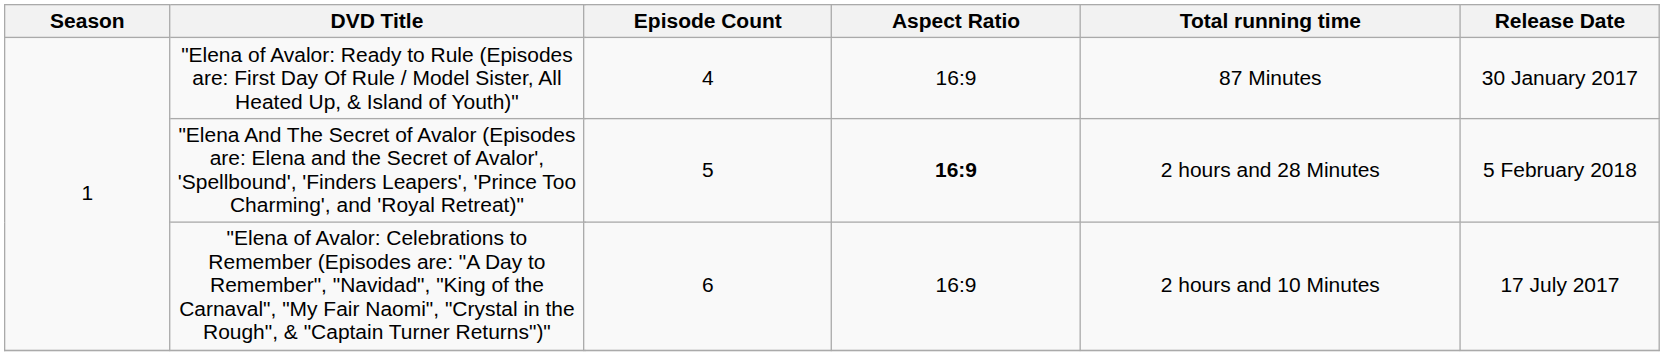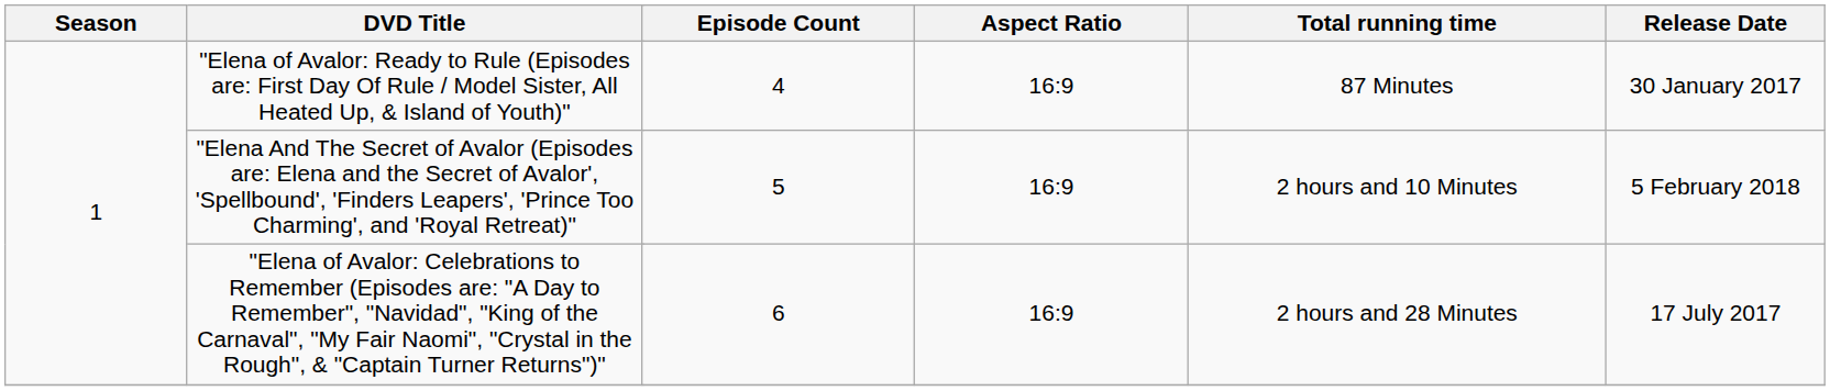 <table class="wikitable" width="100%" style="vertical-align:top;">
 <tr>
 <th width="10%">Season</th>
 <th colspan="2" width="25%">DVD Title</th>
 <th width="15%">Episode Count</th>
 <th width="15%">Aspect Ratio</th>
 <th width="23%">Total running time</th>
 <th width="12%">Release Date</th>
 </tr>
 <tr>
 <td rowspan="3" align="center">1</td>
 <td colspan="2" align="center">"Elena of Avalor: Ready to Rule (Episodes are: First Day Of Rule / Model Sister, All Heated Up, & Island of Youth)"</td>
 <td rowspan="1" align="center">4</td>
 <td rowspan="1" align="center">16:9</td>
 <td align="center">87 Minutes</td>
 <td align="center">30 January 2017</td>
 </tr>
 <tr>
 <td colspan="2" align="center">"Elena And The Secret of Avalor (Episodes are: Elena and the Secret of Avalor', 'Spellbound', 'Finders Leapers', 'Prince Too Charming', and 'Royal Retreat)"</td>
 <td rowspan="1" align="center">5</td>
-<td rowspan="1" align="center"><strong>16:9</strong></td>
-<td align="center">2 hours and 28 Minutes</td>
+<td rowspan="1" align="center">16:9</td>
+<td align="center">2 hours and 10 Minutes</td>
 <td align="center">5 February 2018</td>
 </tr>
 <tr>
 <td colspan="2" align="center">"Elena of Avalor: Celebrations to Remember (Episodes are: "A Day to Remember", "Navidad", "King of the Carnaval", "My Fair Naomi", "Crystal in the Rough", & "Captain Turner Returns")"</td>
 <td rowspan="1" align="center">6</td>
 <td rowspan="1" align="center">16:9</td>
-<td align="center">2 hours and 10 Minutes</td>
+<td align="center">2 hours and 28 Minutes</td>
 <td align="center">17 July 2017</td>
 </tr>
 <tr>
 </tr>
 </table>
